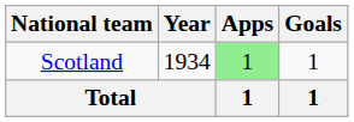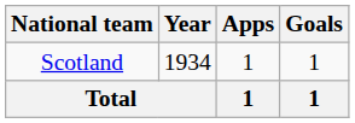 <table class=wikitable style="text-align: center">
 <tr>
 <th>National team</th>
 <th>Year</th>
 <th>Apps</th>
 <th>Goals</th>
 </tr>
 <tr>
 <td><a href='#'>Scotland</a></td>
 <td>1934</td>
-<td style="background: lightgreen;">1</td>
+<td>1</td>
 <td>1</td>
 </tr>
 <tr>
 <th colspan=2>Total</th>
 <th>1</th>
 <th>1</th>
 </tr>
 </table>
